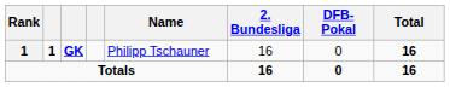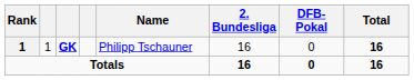 <table class="wikitable" style="text-align:center">
 <tr>
 <th width=15>Rank</th>
 <th width=15></th>
 <th width=15></th>
 <th width=15></th>
 <th width=145>Name</th>
 <th width=80><strong><a href='#'>2. Bundesliga</a></strong></th>
 <th width=80><strong><a href='#'>DFB-Pokal</a></strong></th>
 <th width=80>Total</th>
 </tr>
 <tr>
 <th>1</th>
-<td><strong>1</strong></td>
+<td>1</td>
 <td><strong><a href='#'>GK</a></strong></td>
 <td></td>
 <td align=left><a href='#'>Philipp Tschauner</a></td>
 <td>16</td>
 <td>0</td>
 <td><strong>16</strong></td>
 </tr>
 <tr>
 <td colspan=5><strong>Totals</strong></td>
 <td><strong>16</strong></td>
 <td><strong>0</strong></td>
 <td><strong>16</strong></td>
 </tr>
 </table>
